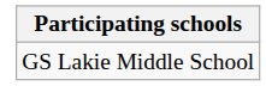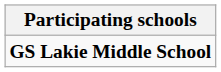 <table class="wikitable" align=right>
 <tr>
 <th>Participating schools</th>
 </tr>
 <tr>
-<td>GS Lakie Middle School</td>
+<td><strong>GS Lakie Middle School</strong></td>
 </tr>
 </table>
